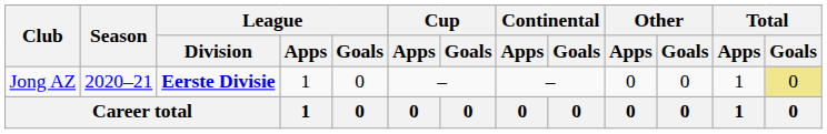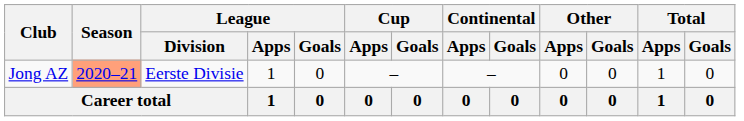 <table class="wikitable" style="text-align: center">
 <tr>
 <th rowspan="2">Club</th>
 <th rowspan="2">Season</th>
 <th colspan="3">League</th>
 <th colspan="2">Cup</th>
 <th colspan="2">Continental</th>
 <th colspan="2">Other</th>
 <th colspan="2">Total</th>
 </tr>
 <tr>
 <th>Division</th>
 <th>Apps</th>
 <th>Goals</th>
 <th>Apps</th>
 <th>Goals</th>
 <th>Apps</th>
 <th>Goals</th>
 <th>Apps</th>
 <th>Goals</th>
 <th>Apps</th>
 <th>Goals</th>
 </tr>
 <tr>
 <td><a href='#'>Jong AZ</a></td>
-<td><a href='#'>2020–21</a></td>
-<td><strong><a href='#'>Eerste Divisie</a></strong></td>
+<td style="background: lightsalmon;"><a href='#'>2020–21</a></td>
+<td><a href='#'>Eerste Divisie</a></td>
 <td>1</td>
 <td>0</td>
 <td colspan="2">–</td>
 <td colspan="2">–</td>
 <td>0</td>
 <td>0</td>
 <td>1</td>
-<td style="background: khaki;">0</td>
+<td>0</td>
 </tr>
 <tr>
 <th colspan="3"><strong>Career total</strong></th>
 <th>1</th>
 <th>0</th>
 <th>0</th>
 <th>0</th>
 <th>0</th>
 <th>0</th>
 <th>0</th>
 <th>0</th>
 <th>1</th>
 <th>0</th>
 </tr>
 </table>
